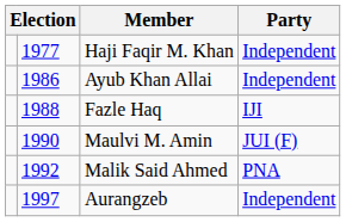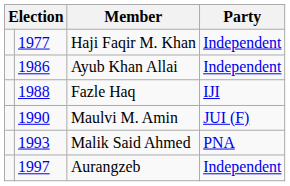 <table class="wikitable">
 <tr>
 <th colspan="2">Election</th>
 <th>Member</th>
 <th>Party</th>
 </tr>
 <tr>
 <td style="background-color: "></td>
 <td><a href='#'>1977</a></td>
 <td>Haji Faqir M. Khan</td>
 <td><a href='#'>Independent</a></td>
 </tr>
 <tr>
 <td style="background-color: "></td>
 <td><a href='#'>1986</a></td>
 <td>Ayub Khan Allai</td>
 <td><a href='#'>Independent</a></td>
 </tr>
 <tr>
 <td style="background-color: "></td>
 <td><a href='#'>1988</a></td>
 <td>Fazle Haq</td>
 <td><a href='#'>IJI</a></td>
 </tr>
 <tr>
 <td style="background-color: "></td>
 <td><a href='#'>1990</a></td>
 <td>Maulvi M. Amin</td>
 <td><a href='#'>JUI (F)</a></td>
 </tr>
 <tr>
 <td style="background-color: "></td>
-<td><a href='#'>1992</a></td>
+<td><a href='#'>1993</a></td>
 <td>Malik Said Ahmed</td>
 <td><a href='#'>PNA</a></td>
 </tr>
 <tr>
 <td style="background-color: "></td>
 <td><a href='#'>1997</a></td>
 <td>Aurangzeb</td>
 <td><a href='#'>Independent</a></td>
 </tr>
 </table>
